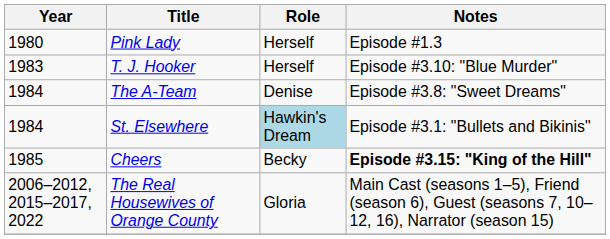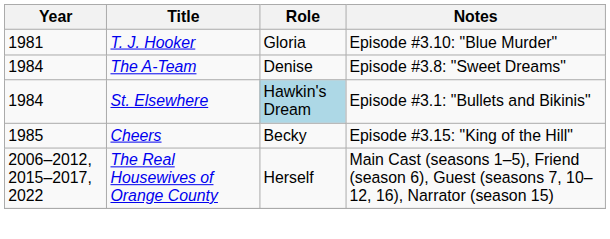 <table class="wikitable sortable">
 <tr>
 <th>Year</th>
 <th>Title</th>
 <th>Role</th>
 <th class="unsortable">Notes</th>
 </tr>
 <tr>
-<td>1980</td>
-<td><em><a href='#'>Pink Lady</a></em></td>
-<td>Herself</td>
-<td>Episode #1.3</td>
-</tr>
-<tr>
-<td>1983</td>
+<td>1981</td>
 <td><em><a href='#'>T. J. Hooker</a></em></td>
-<td>Herself</td>
+<td>Gloria</td>
 <td>Episode #3.10: "Blue Murder"</td>
 </tr>
 <tr>
 <td>1984</td>
 <td><em><a href='#'>The A-Team</a></em></td>
 <td>Denise</td>
 <td>Episode #3.8: "Sweet Dreams"</td>
 </tr>
 <tr>
 <td>1984</td>
 <td><em><a href='#'>St. Elsewhere</a></em></td>
 <td style="background: lightblue;">Hawkin's Dream</td>
 <td>Episode #3.1: "Bullets and Bikinis"</td>
 </tr>
 <tr>
 <td>1985</td>
 <td><em><a href='#'>Cheers</a></em></td>
 <td>Becky</td>
-<td><strong>Episode #3.15: "King of the Hill"</strong></td>
+<td>Episode #3.15: "King of the Hill"</td>
 </tr>
 <tr>
 <td>2006–2012, 2015–2017, 2022</td>
 <td><em><a href='#'>The Real Housewives of Orange County</a></em></td>
-<td>Gloria</td>
+<td>Herself</td>
 <td>Main Cast (seasons 1–5), Friend (season 6), Guest (seasons 7, 10–12, 16), Narrator (season 15)</td>
 </tr>
 <tr>
 </tr>
 </table>
